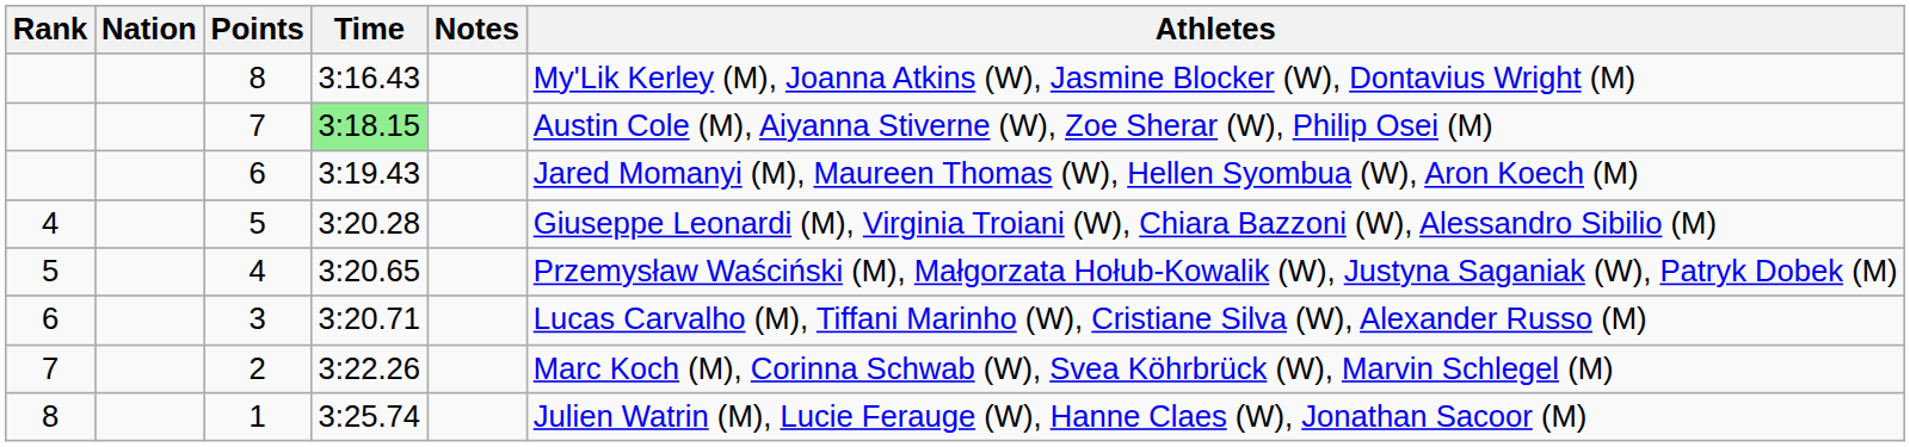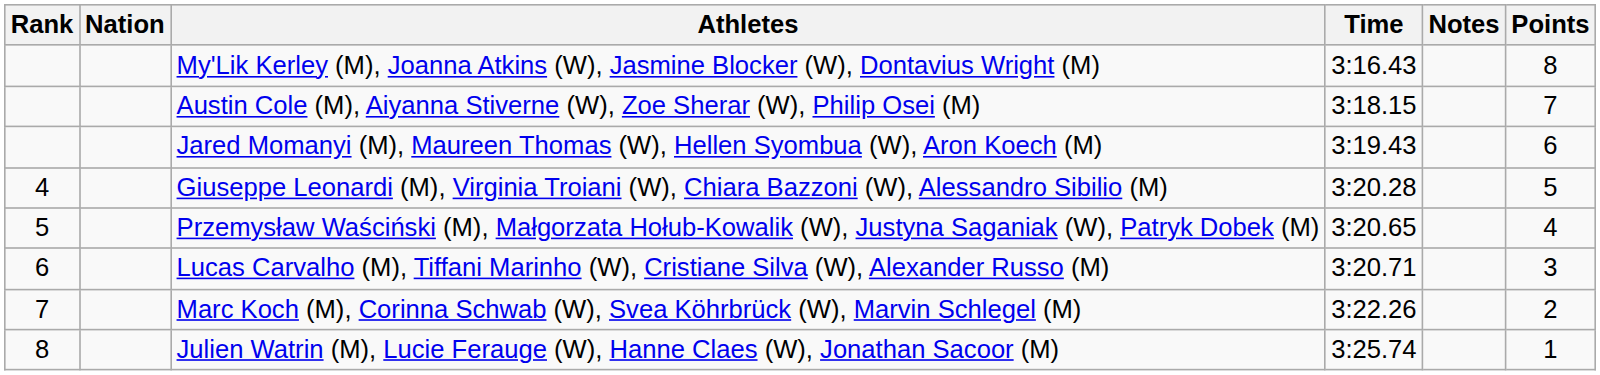 <table class="wikitable sortable" style="text-align:center">
 <tr>
 <th>Rank</th>
 <th>Nation</th>
-<th>Points</th>
+<th>Athletes</th>
 <th>Time</th>
 <th>Notes</th>
-<th>Athletes</th>
+<th>Points</th>
 </tr>
 <tr>
 <td></td>
 <td align=left></td>
-<td>8</td>
+<td align=left><a href='#'>My'Lik Kerley</a> (M), <a href='#'>Joanna Atkins</a> (W), <a href='#'>Jasmine Blocker</a> (W), <a href='#'>Dontavius Wright</a> (M)</td>
 <td>3:16.43</td>
 <td></td>
-<td align=left><a href='#'>My'Lik Kerley</a> (M), <a href='#'>Joanna Atkins</a> (W), <a href='#'>Jasmine Blocker</a> (W), <a href='#'>Dontavius Wright</a> (M)</td>
+<td>8</td>
 </tr>
 <tr>
 <td></td>
 <td align=left></td>
+<td align=left><a href='#'>Austin Cole</a> (M), <a href='#'>Aiyanna Stiverne</a> (W), <a href='#'>Zoe Sherar</a> (W), <a href='#'>Philip Osei</a> (M)</td>
+<td>3:18.15</td>
+<td></td>
 <td>7</td>
-<td style="background: lightgreen;">3:18.15</td>
-<td></td>
-<td align=left><a href='#'>Austin Cole</a> (M), <a href='#'>Aiyanna Stiverne</a> (W), <a href='#'>Zoe Sherar</a> (W), <a href='#'>Philip Osei</a> (M)</td>
 </tr>
 <tr>
 <td></td>
 <td align=left></td>
-<td>6</td>
+<td align=left><a href='#'>Jared Momanyi</a> (M), <a href='#'>Maureen Thomas</a> (W), <a href='#'>Hellen Syombua</a> (W), <a href='#'>Aron Koech</a> (M)</td>
 <td>3:19.43</td>
 <td></td>
-<td align=left><a href='#'>Jared Momanyi</a> (M), <a href='#'>Maureen Thomas</a> (W), <a href='#'>Hellen Syombua</a> (W), <a href='#'>Aron Koech</a> (M)</td>
+<td>6</td>
 </tr>
 <tr>
 <td>4</td>
 <td align=left></td>
-<td>5</td>
+<td align=left><a href='#'>Giuseppe Leonardi</a> (M), <a href='#'>Virginia Troiani</a> (W), <a href='#'>Chiara Bazzoni</a> (W), <a href='#'>Alessandro Sibilio</a> (M)</td>
 <td>3:20.28</td>
 <td></td>
-<td align=left><a href='#'>Giuseppe Leonardi</a> (M), <a href='#'>Virginia Troiani</a> (W), <a href='#'>Chiara Bazzoni</a> (W), <a href='#'>Alessandro Sibilio</a> (M)</td>
+<td>5</td>
 </tr>
 <tr>
 <td>5</td>
 <td align=left></td>
-<td>4</td>
+<td align=left><a href='#'>Przemysław Waściński</a> (M), <a href='#'>Małgorzata Hołub-Kowalik</a> (W), <a href='#'>Justyna Saganiak</a> (W), <a href='#'>Patryk Dobek</a> (M)</td>
 <td>3:20.65</td>
 <td></td>
-<td align=left><a href='#'>Przemysław Waściński</a> (M), <a href='#'>Małgorzata Hołub-Kowalik</a> (W), <a href='#'>Justyna Saganiak</a> (W), <a href='#'>Patryk Dobek</a> (M)</td>
+<td>4</td>
 </tr>
 <tr>
 <td>6</td>
 <td align=left></td>
-<td>3</td>
+<td align=left><a href='#'>Lucas Carvalho</a> (M), <a href='#'>Tiffani Marinho</a> (W), <a href='#'>Cristiane Silva</a> (W), <a href='#'>Alexander Russo</a> (M)</td>
 <td>3:20.71</td>
 <td></td>
-<td align=left><a href='#'>Lucas Carvalho</a> (M), <a href='#'>Tiffani Marinho</a> (W), <a href='#'>Cristiane Silva</a> (W), <a href='#'>Alexander Russo</a> (M)</td>
+<td>3</td>
 </tr>
 <tr>
 <td>7</td>
 <td align=left></td>
-<td>2</td>
+<td align=left><a href='#'>Marc Koch</a> (M), <a href='#'>Corinna Schwab</a> (W), <a href='#'>Svea Köhrbrück</a> (W), <a href='#'>Marvin Schlegel</a> (M)</td>
 <td>3:22.26</td>
 <td></td>
-<td align=left><a href='#'>Marc Koch</a> (M), <a href='#'>Corinna Schwab</a> (W), <a href='#'>Svea Köhrbrück</a> (W), <a href='#'>Marvin Schlegel</a> (M)</td>
+<td>2</td>
 </tr>
 <tr>
 <td>8</td>
 <td align=left></td>
-<td>1</td>
+<td align=left><a href='#'>Julien Watrin</a> (M), <a href='#'>Lucie Ferauge</a> (W), <a href='#'>Hanne Claes</a> (W), <a href='#'>Jonathan Sacoor</a> (M)</td>
 <td>3:25.74</td>
 <td></td>
-<td align=left><a href='#'>Julien Watrin</a> (M), <a href='#'>Lucie Ferauge</a> (W), <a href='#'>Hanne Claes</a> (W), <a href='#'>Jonathan Sacoor</a> (M)</td>
+<td>1</td>
 </tr>
 </table>
